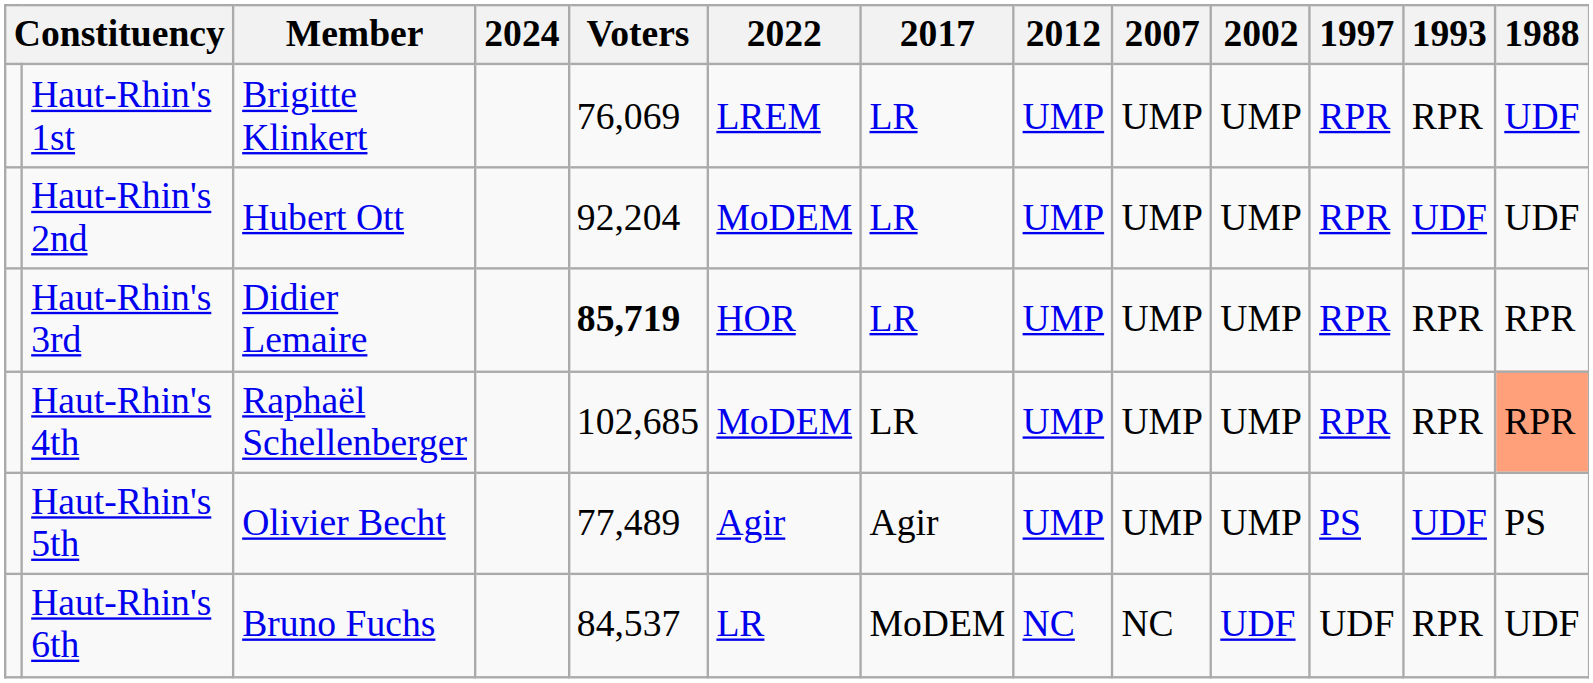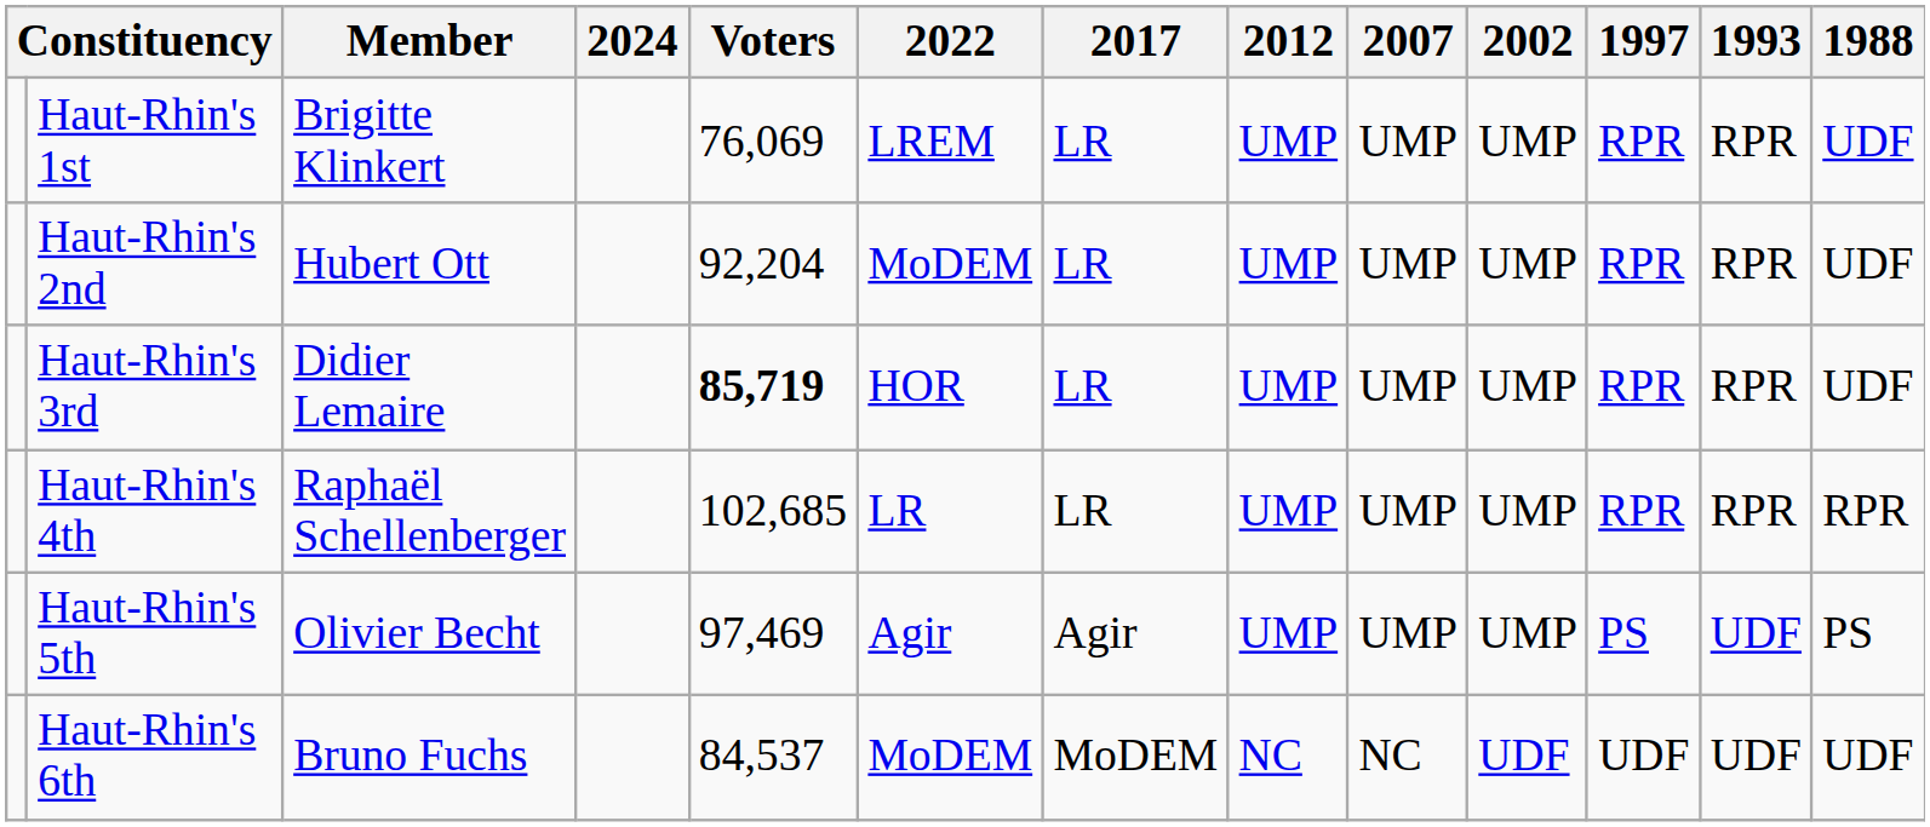 <table class="wikitable sortable">
 <tr>
 <th colspan="2">Constituency</th>
 <th>Member</th>
 <th>2024</th>
 <th>Voters</th>
 <th>2022</th>
 <th>2017</th>
 <th>2012</th>
 <th>2007</th>
 <th>2002</th>
 <th>1997</th>
 <th>1993</th>
 <th>1988</th>
 </tr>
 <tr>
 <td style="background-color: "></td>
 <td><a href='#'>Haut-Rhin's 1st</a></td>
 <td><a href='#'>Brigitte Klinkert</a></td>
 <td></td>
 <td>76,069</td>
 <td><a href='#'>LREM</a></td>
 <td><a href='#'>LR</a></td>
 <td><a href='#'>UMP</a></td>
 <td>UMP</td>
 <td>UMP</td>
 <td><a href='#'>RPR</a></td>
 <td>RPR</td>
 <td><a href='#'>UDF</a></td>
 </tr>
 <tr>
 <td style="background-color: "></td>
 <td><a href='#'>Haut-Rhin's 2nd</a></td>
 <td><a href='#'>Hubert Ott</a></td>
 <td></td>
 <td>92,204</td>
 <td><a href='#'>MoDEM</a></td>
 <td><a href='#'>LR</a></td>
 <td><a href='#'>UMP</a></td>
 <td>UMP</td>
 <td>UMP</td>
 <td><a href='#'>RPR</a></td>
-<td><a href='#'>UDF</a></td>
+<td>RPR</td>
 <td>UDF</td>
 </tr>
 <tr>
 <td style="background-color: "></td>
 <td><a href='#'>Haut-Rhin's 3rd</a></td>
 <td><a href='#'>Didier Lemaire</a></td>
 <td></td>
 <td><strong>85,719</strong></td>
 <td><a href='#'>HOR</a></td>
 <td><a href='#'>LR</a></td>
 <td><a href='#'>UMP</a></td>
 <td>UMP</td>
 <td>UMP</td>
 <td><a href='#'>RPR</a></td>
 <td>RPR</td>
-<td>RPR</td>
+<td>UDF</td>
 </tr>
 <tr>
 <td style="background-color: "></td>
 <td><a href='#'>Haut-Rhin's 4th</a></td>
 <td><a href='#'>Raphaël Schellenberger</a></td>
 <td></td>
 <td>102,685</td>
-<td><a href='#'>MoDEM</a></td>
+<td><a href='#'>LR</a></td>
 <td>LR</td>
 <td><a href='#'>UMP</a></td>
 <td>UMP</td>
 <td>UMP</td>
 <td><a href='#'>RPR</a></td>
 <td>RPR</td>
-<td style="background: lightsalmon;">RPR</td>
+<td>RPR</td>
 </tr>
 <tr>
 <td style="background-color: "></td>
 <td><a href='#'>Haut-Rhin's 5th</a></td>
 <td><a href='#'>Olivier Becht</a></td>
 <td></td>
-<td>77,489</td>
+<td>97,469</td>
 <td><a href='#'>Agir</a></td>
 <td>Agir</td>
 <td><a href='#'>UMP</a></td>
 <td>UMP</td>
 <td>UMP</td>
 <td><a href='#'>PS</a></td>
 <td><a href='#'>UDF</a></td>
 <td>PS</td>
 </tr>
 <tr>
 <td style="background-color: "></td>
 <td><a href='#'>Haut-Rhin's 6th</a></td>
 <td><a href='#'>Bruno Fuchs</a></td>
 <td></td>
 <td>84,537</td>
-<td><a href='#'>LR</a></td>
+<td><a href='#'>MoDEM</a></td>
 <td>MoDEM</td>
 <td><a href='#'>NC</a></td>
 <td>NC</td>
 <td><a href='#'>UDF</a></td>
 <td>UDF</td>
-<td>RPR</td>
+<td>UDF</td>
 <td>UDF</td>
 </tr>
 </table>
